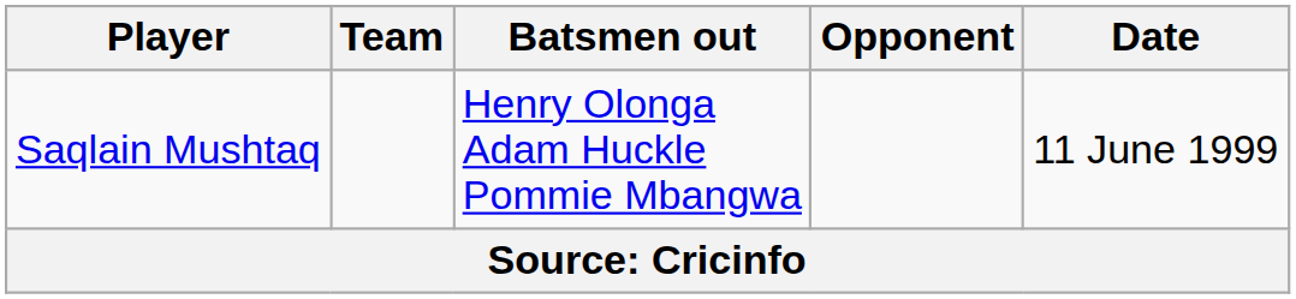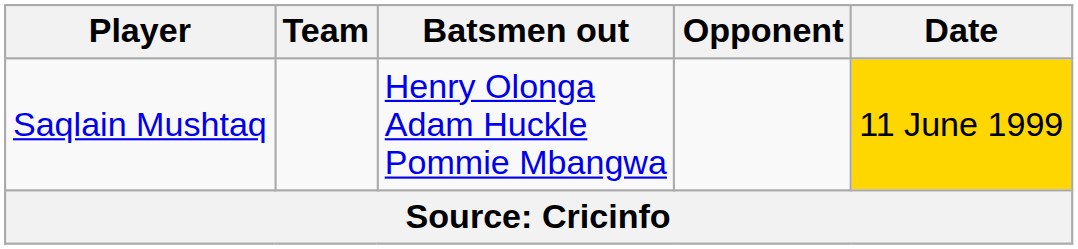 <table class="wikitable sortable">
 <tr>
 <th>Player</th>
 <th>Team</th>
 <th>Batsmen out</th>
 <th>Opponent</th>
 <th>Date</th>
 </tr>
 <tr>
 <td><a href='#'>Saqlain Mushtaq</a></td>
 <td></td>
 <td><a href='#'>Henry Olonga</a><br><a href='#'>Adam Huckle</a><br><a href='#'>Pommie Mbangwa</a></td>
 <td></td>
-<td>11 June 1999</td>
+<td style="background: gold;">11 June 1999</td>
 </tr>
 <tr>
 <th colspan="5">Source: Cricinfo</th>
 </tr>
 </table>
